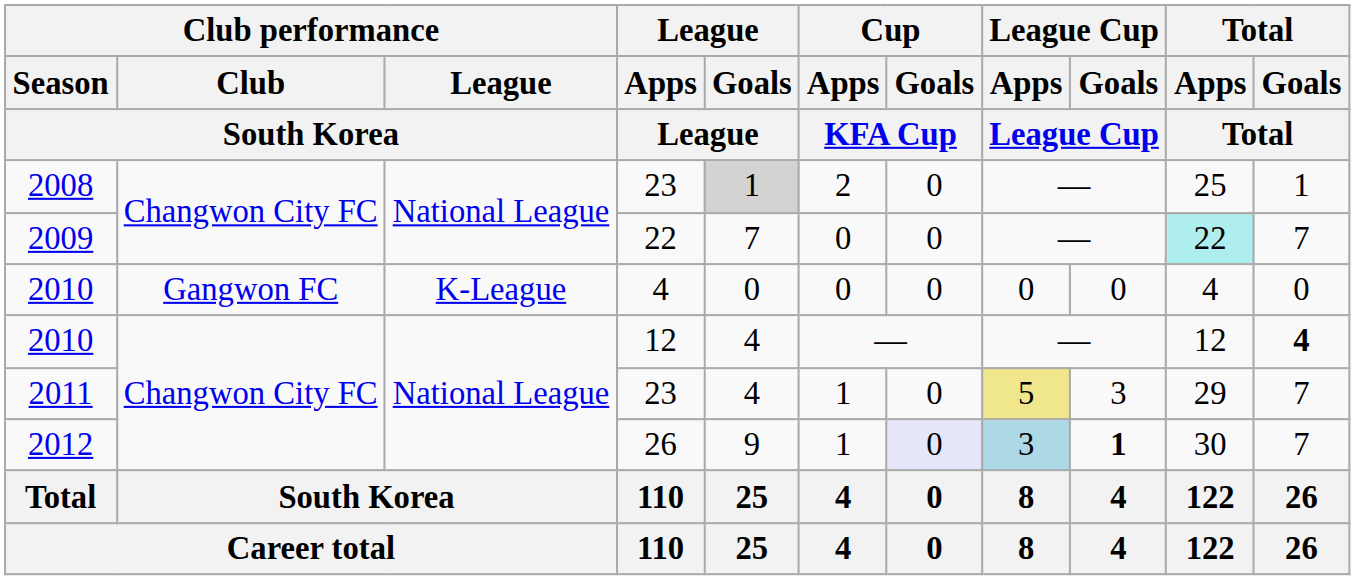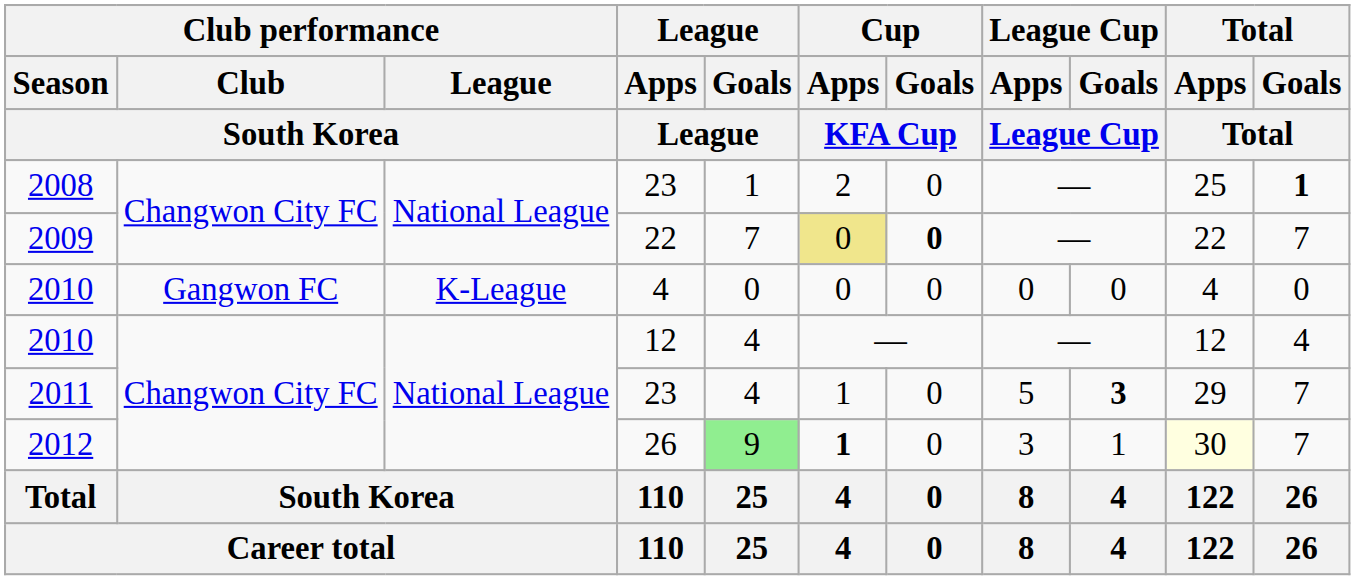 <table class="wikitable" style="text-align:center">
 <tr>
 <th colspan=3>Club performance</th>
 <th colspan=2>League</th>
 <th colspan=2>Cup</th>
 <th colspan=2>League Cup</th>
 <th colspan=2>Total</th>
 </tr>
 <tr>
 <th>Season</th>
 <th>Club</th>
 <th>League</th>
 <th>Apps</th>
 <th>Goals</th>
 <th>Apps</th>
 <th>Goals</th>
 <th>Apps</th>
 <th>Goals</th>
 <th>Apps</th>
 <th>Goals</th>
 </tr>
 <tr>
 <th colspan=3>South Korea</th>
 <th colspan=2>League</th>
 <th colspan=2><a href='#'>KFA Cup</a></th>
 <th colspan=2><a href='#'>League Cup</a></th>
 <th colspan=2>Total</th>
 </tr>
 <tr>
 <td><a href='#'>2008</a></td>
 <td rowspan="2"><a href='#'>Changwon City FC</a></td>
 <td rowspan="2"><a href='#'>National League</a></td>
 <td>23</td>
-<td style="background: lightgrey;">1</td>
+<td>1</td>
 <td>2</td>
 <td>0</td>
 <td colspan="2">—</td>
 <td>25</td>
-<td>1</td>
+<td><strong>1</strong></td>
 </tr>
 <tr>
 <td><a href='#'>2009</a></td>
 <td>22</td>
 <td>7</td>
-<td>0</td>
-<td>0</td>
+<td style="background: khaki;">0</td>
+<td><strong>0</strong></td>
 <td colspan="2">—</td>
-<td style="background: paleturquoise;">22</td>
+<td>22</td>
 <td>7</td>
 </tr>
 <tr>
 <td><a href='#'>2010</a></td>
 <td rowspan=1><a href='#'>Gangwon FC</a></td>
 <td rowspan="1"><a href='#'>K-League</a></td>
 <td>4</td>
 <td>0</td>
 <td>0</td>
 <td>0</td>
 <td>0</td>
 <td>0</td>
 <td>4</td>
 <td>0</td>
 </tr>
 <tr>
 <td><a href='#'>2010</a></td>
 <td rowspan=3><a href='#'>Changwon City FC</a></td>
 <td rowspan="3"><a href='#'>National League</a></td>
 <td>12</td>
 <td>4</td>
 <td colspan="2">—</td>
 <td colspan=2>—</td>
 <td>12</td>
-<td><strong>4</strong></td>
+<td>4</td>
 </tr>
 <tr>
 <td><a href='#'>2011</a></td>
 <td>23</td>
 <td>4</td>
 <td>1</td>
 <td>0</td>
-<td style="background: khaki;">5</td>
-<td>3</td>
+<td>5</td>
+<td><strong>3</strong></td>
 <td>29</td>
 <td>7</td>
 </tr>
 <tr>
 <td><a href='#'>2012</a></td>
 <td>26</td>
-<td>9</td>
+<td style="background: lightgreen;">9</td>
+<td><strong>1</strong></td>
+<td>0</td>
+<td>3</td>
 <td>1</td>
-<td style="background: lavender;">0</td>
-<td style="background: lightblue;">3</td>
-<td><strong>1</strong></td>
-<td>30</td>
+<td style="background: lightyellow;">30</td>
 <td>7</td>
 </tr>
 <tr>
 <th rowspan=1>Total</th>
 <th colspan=2>South Korea</th>
 <th>110</th>
 <th>25</th>
 <th>4</th>
 <th>0</th>
 <th>8</th>
 <th>4</th>
 <th>122</th>
 <th>26</th>
 </tr>
 <tr>
 <th colspan=3>Career total</th>
 <th>110</th>
 <th>25</th>
 <th>4</th>
 <th>0</th>
 <th>8</th>
 <th>4</th>
 <th>122</th>
 <th>26</th>
 </tr>
 </table>
